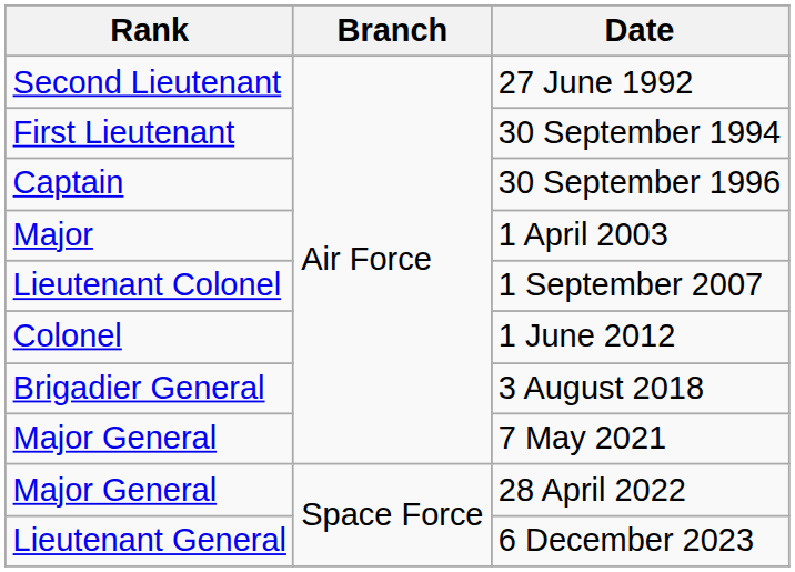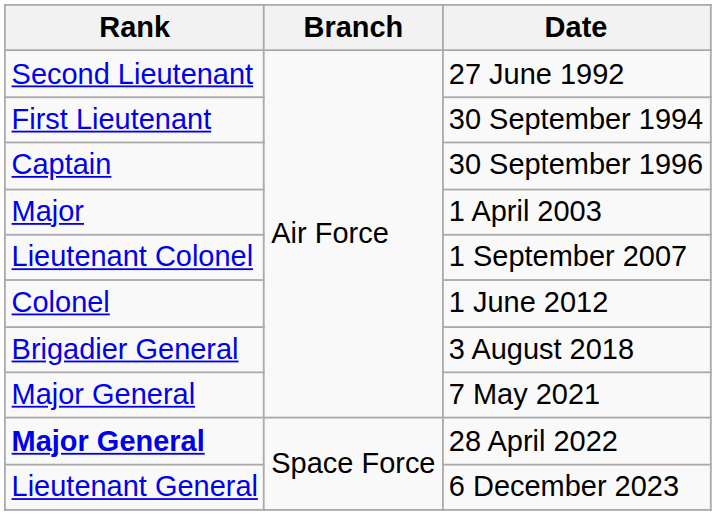 <table class="wikitable">
 <tr>
 <th>Rank</th>
 <th>Branch</th>
 <th>Date</th>
 </tr>
 <tr>
 <td> <a href='#'>Second Lieutenant</a></td>
 <td rowspan=8>Air Force</td>
 <td>27 June 1992</td>
 </tr>
 <tr>
 <td> <a href='#'>First Lieutenant</a></td>
 <td>30 September 1994</td>
 </tr>
 <tr>
 <td> <a href='#'>Captain</a></td>
 <td>30 September 1996</td>
 </tr>
 <tr>
 <td> <a href='#'>Major</a></td>
 <td>1 April 2003</td>
 </tr>
 <tr>
 <td> <a href='#'>Lieutenant Colonel</a></td>
 <td>1 September 2007</td>
 </tr>
 <tr>
 <td> <a href='#'>Colonel</a></td>
 <td>1 June 2012</td>
 </tr>
 <tr>
 <td> <a href='#'>Brigadier General</a></td>
 <td>3 August 2018</td>
 </tr>
 <tr>
 <td> <a href='#'>Major General</a></td>
 <td>7 May 2021</td>
 </tr>
 <tr>
-<td> <a href='#'>Major General</a></td>
+<td><strong> <a href='#'>Major General</a></strong></td>
 <td rowspan=2>Space Force</td>
 <td>28 April 2022</td>
 </tr>
 <tr>
 <td> <a href='#'>Lieutenant General</a></td>
 <td>6 December 2023</td>
 </tr>
 </table>
